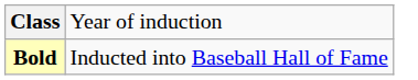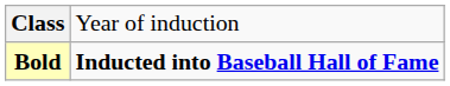 <table class="wikitable">
 <tr>
 <th scope="row">Class</th>
 <td>Year of induction</td>
 </tr>
 <tr>
 <th scope="row" style="background:#ffb;"><strong>Bold</strong></th>
-<td>Inducted into <a href='#'>Baseball Hall of Fame</a></td>
+<td><strong>Inducted into <a href='#'>Baseball Hall of Fame</a></strong></td>
 </tr>
 </table>
